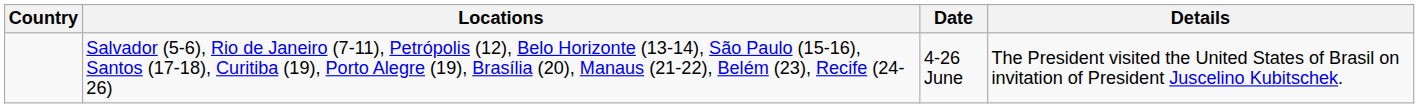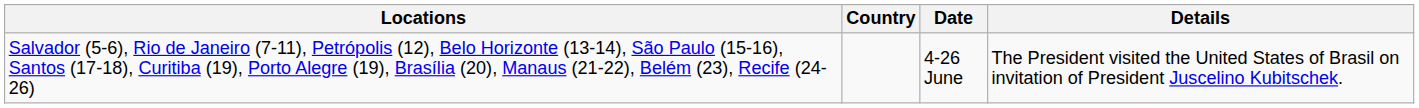 <table class="wikitable">
 <tr>
+<th>Locations</th>
 <th>Country</th>
-<th>Locations</th>
 <th>Date</th>
 <th>Details</th>
 </tr>
 <tr>
+<td><a href='#'>Salvador</a> (5-6), <a href='#'>Rio de Janeiro</a> (7-11), <a href='#'>Petrópolis</a> (12), <a href='#'>Belo Horizonte</a> (13-14), <a href='#'>São Paulo</a> (15-16), <a href='#'>Santos</a> (17-18), <a href='#'>Curitiba</a> (19), <a href='#'>Porto Alegre</a> (19), <a href='#'>Brasília</a> (20), <a href='#'>Manaus</a> (21-22), <a href='#'>Belém</a> (23), <a href='#'>Recife</a> (24-26)</td>
 <td></td>
-<td><a href='#'>Salvador</a> (5-6), <a href='#'>Rio de Janeiro</a> (7-11), <a href='#'>Petrópolis</a> (12), <a href='#'>Belo Horizonte</a> (13-14), <a href='#'>São Paulo</a> (15-16), <a href='#'>Santos</a> (17-18), <a href='#'>Curitiba</a> (19), <a href='#'>Porto Alegre</a> (19), <a href='#'>Brasília</a> (20), <a href='#'>Manaus</a> (21-22), <a href='#'>Belém</a> (23), <a href='#'>Recife</a> (24-26)</td>
 <td>4-26 June</td>
 <td>The President visited the United States of Brasil on invitation of President <a href='#'>Juscelino Kubitschek</a>.</td>
 </tr>
 </table>
